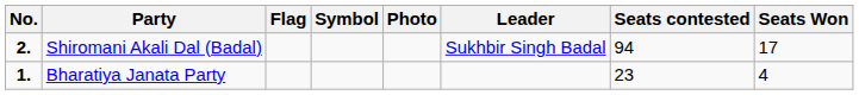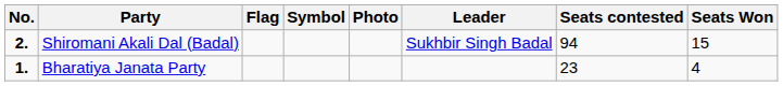 <table class="wikitable">
 <tr>
 <th>No.</th>
 <th>Party</th>
 <th>Flag</th>
 <th>Symbol</th>
 <th>Photo</th>
 <th>Leader</th>
 <th>Seats contested</th>
 <th>Seats Won</th>
 </tr>
 <tr>
 <td style="text-align:center; background:"><strong>2.</strong></td>
 <td><a href='#'>Shiromani Akali Dal (Badal)</a></td>
 <td></td>
 <td></td>
 <td></td>
 <td><a href='#'>Sukhbir Singh Badal</a></td>
 <td>94</td>
-<td>17</td>
+<td>15</td>
 </tr>
 <tr>
 <td style="text-align:center; background:"><strong>1.</strong></td>
 <td><a href='#'>Bharatiya Janata Party</a></td>
 <td></td>
 <td></td>
 <td></td>
 <td></td>
 <td>23</td>
 <td>4</td>
 </tr>
 </table>
